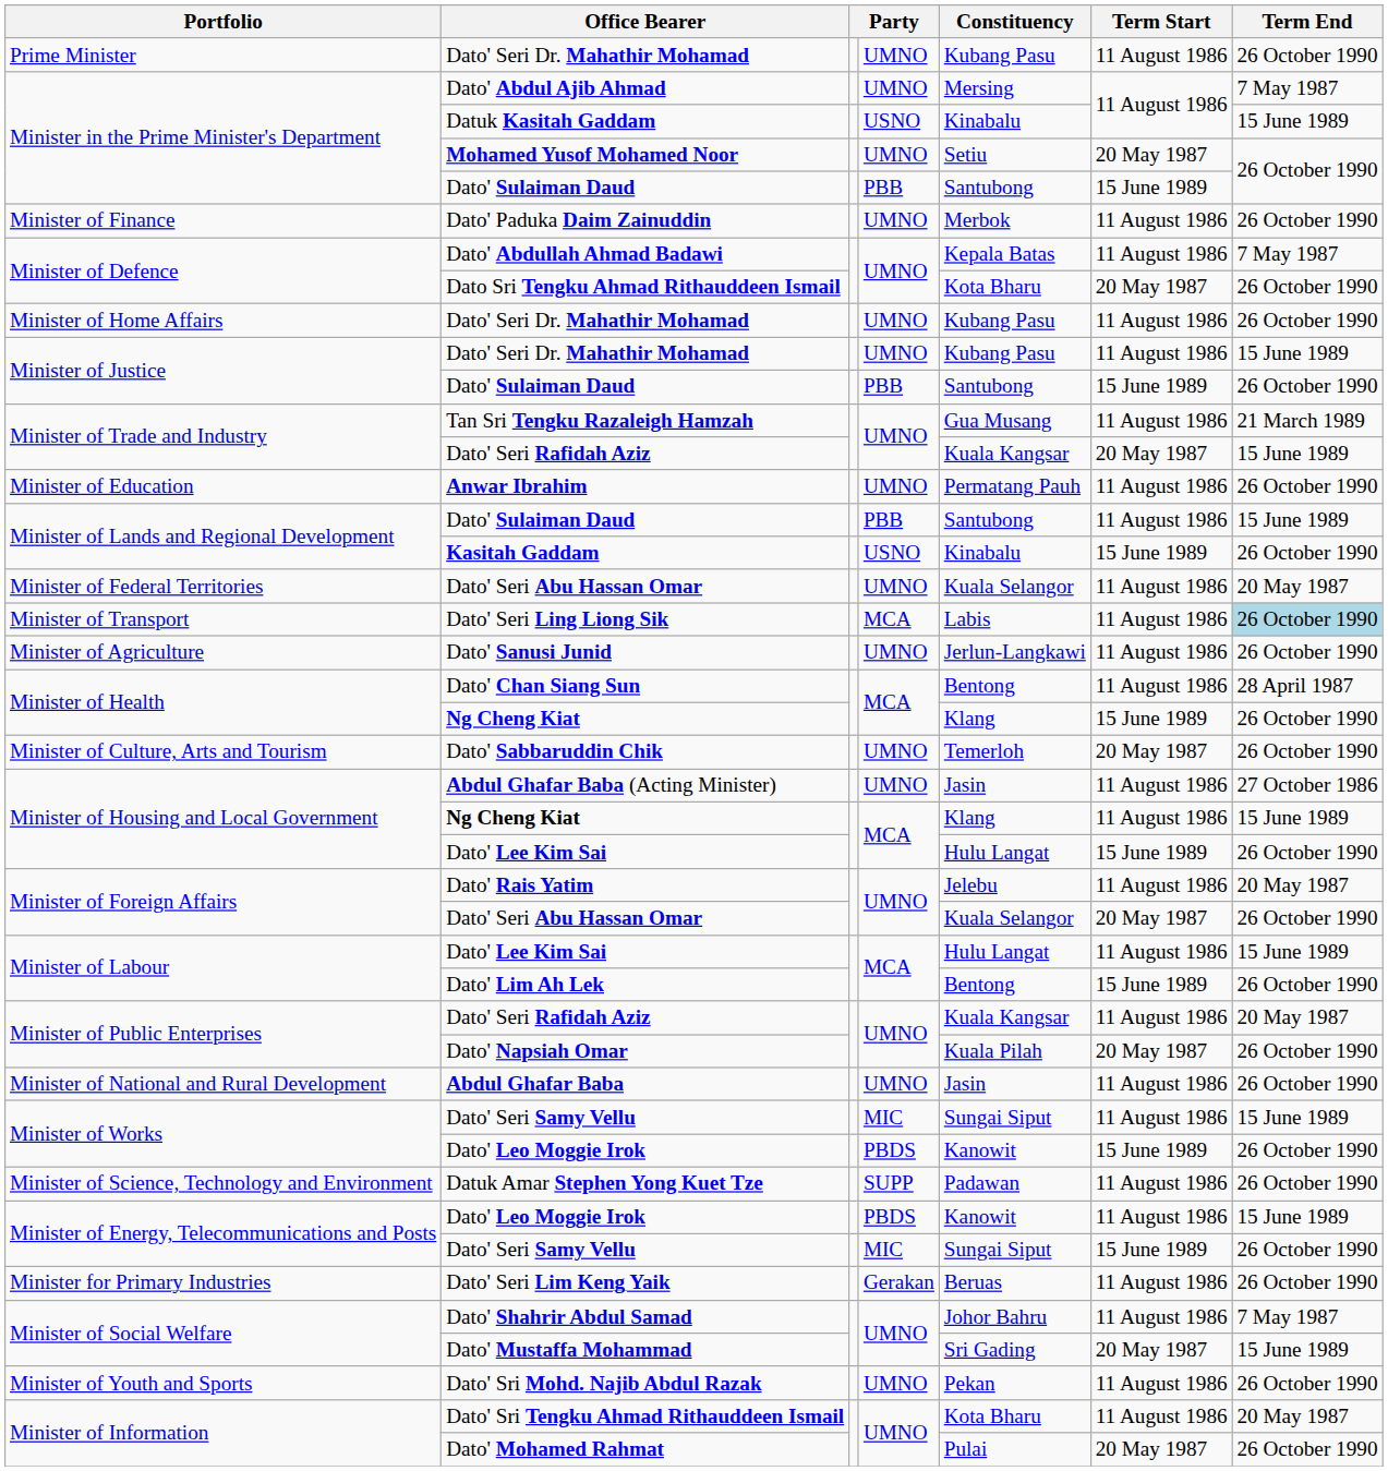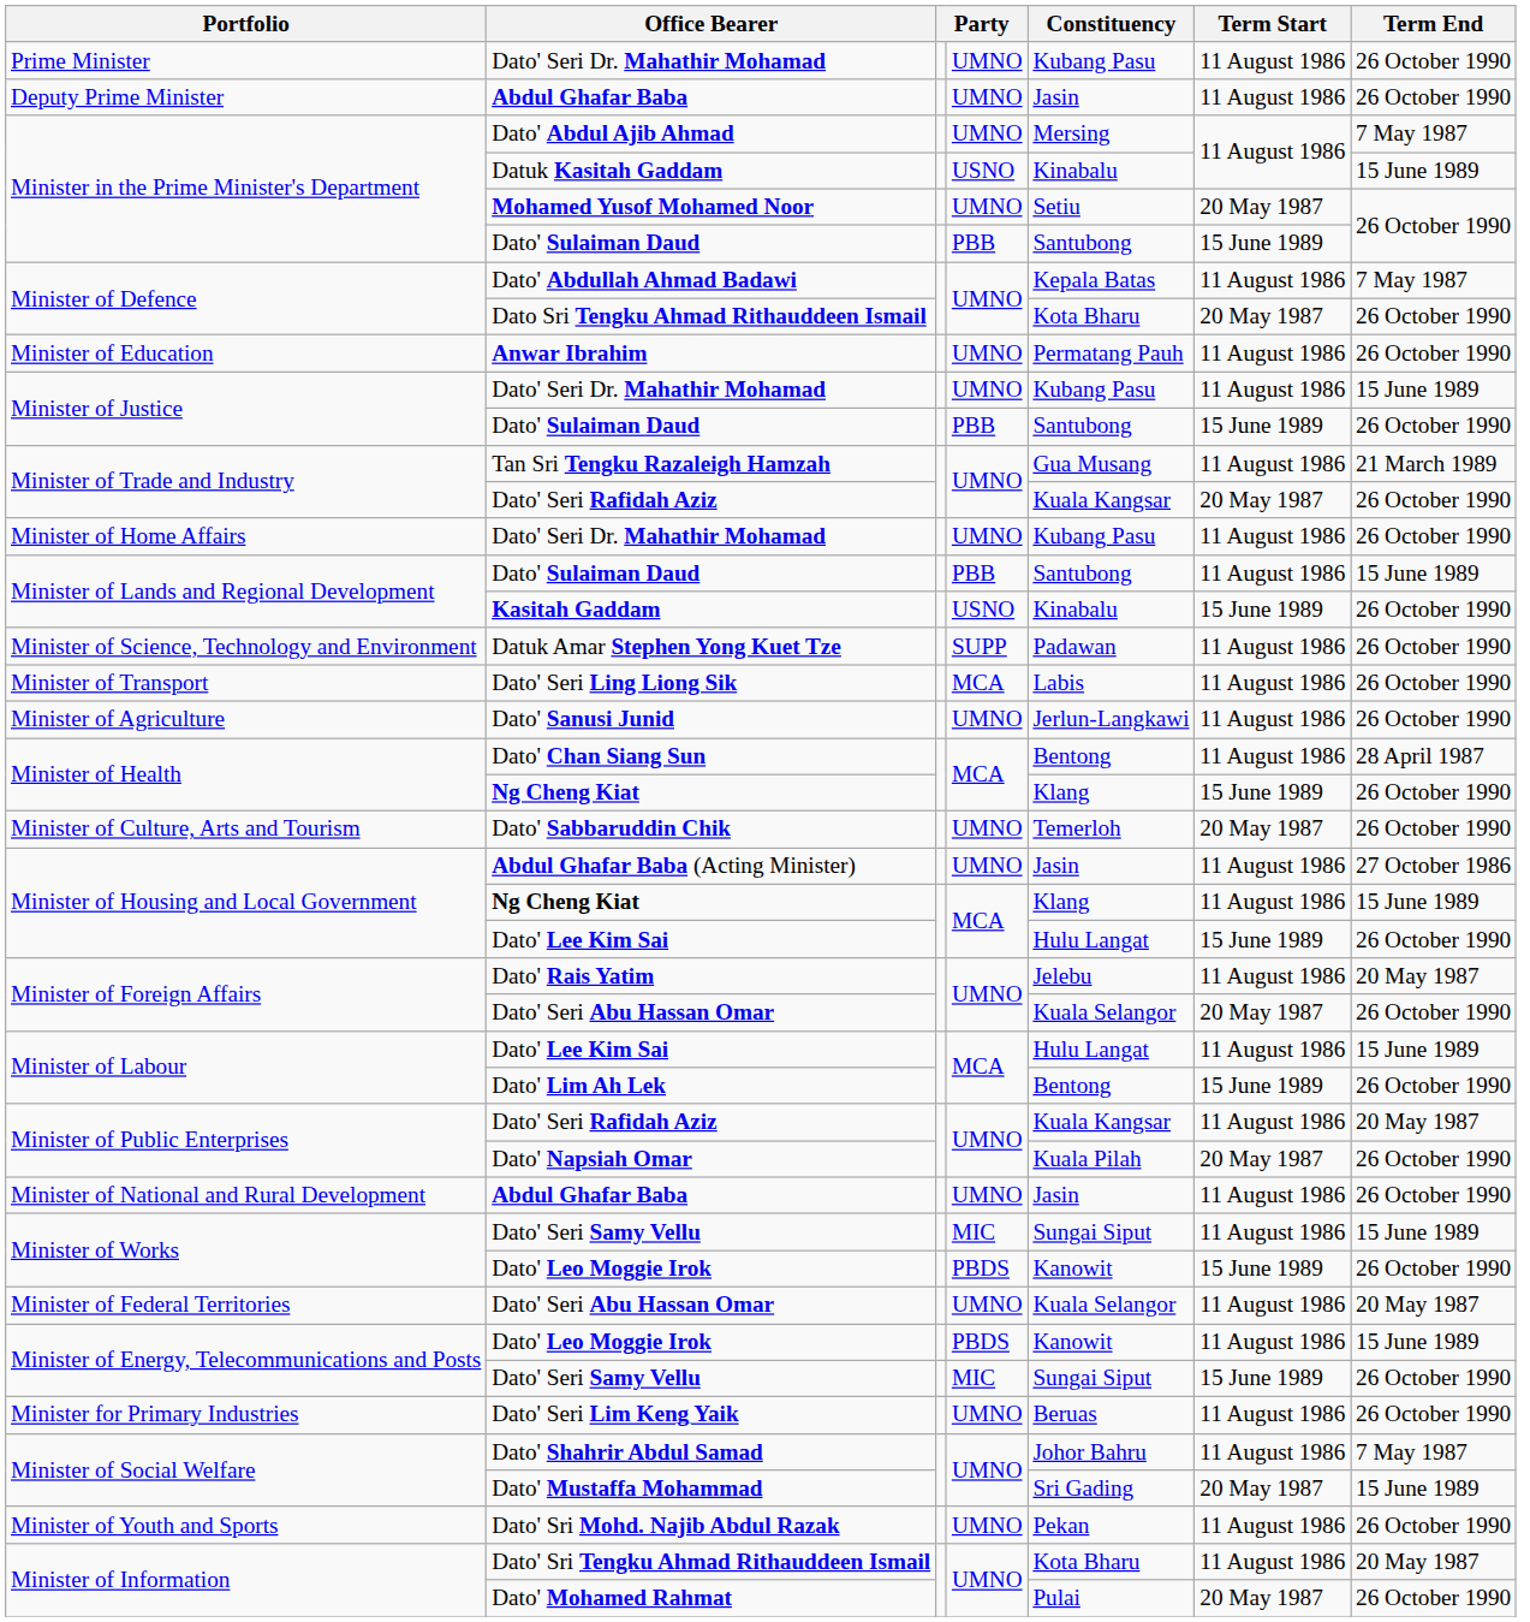 <table class="sortable wikitable">
 <tr>
 <th>Portfolio</th>
 <th>Office Bearer</th>
 <th colspan=2>Party</th>
 <th>Constituency</th>
 <th>Term Start</th>
 <th>Term End</th>
 </tr>
 <tr>
 <td><a href='#'>Prime Minister</a></td>
 <td>Dato' Seri Dr. <strong><a href='#'>Mahathir Mohamad</a></strong> </td>
 <td></td>
 <td><a href='#'>UMNO</a></td>
 <td><a href='#'>Kubang Pasu</a></td>
+<td>11 August 1986</td>
+<td>26 October 1990</td>
+</tr>
+<tr>
+<td><a href='#'>Deputy Prime Minister</a></td>
+<td><strong><a href='#'>Abdul Ghafar Baba</a></strong> </td>
+<td></td>
+<td><a href='#'>UMNO</a></td>
+<td><a href='#'>Jasin</a></td>
 <td>11 August 1986</td>
 <td>26 October 1990</td>
 </tr>
 <tr>
 <td rowspan="4"><a href='#'>Minister in the Prime Minister's Department</a></td>
 <td>Dato' <strong><a href='#'>Abdul Ajib Ahmad</a></strong> </td>
 <td></td>
 <td><a href='#'>UMNO</a></td>
 <td><a href='#'>Mersing</a></td>
 <td rowspan=2>11 August 1986</td>
 <td>7 May 1987</td>
 </tr>
 <tr>
 <td>Datuk <strong><a href='#'>Kasitah Gaddam</a></strong> </td>
 <td></td>
 <td><a href='#'>USNO</a></td>
 <td><a href='#'>Kinabalu</a></td>
 <td>15 June 1989</td>
 </tr>
 <tr>
 <td><strong><a href='#'>Mohamed Yusof Mohamed Noor</a></strong> </td>
 <td></td>
 <td><a href='#'>UMNO</a></td>
 <td><a href='#'>Setiu</a></td>
 <td>20 May 1987</td>
 <td rowspan=2>26 October 1990</td>
 </tr>
 <tr>
 <td>Dato' <strong><a href='#'>Sulaiman Daud</a></strong> </td>
 <td></td>
 <td><a href='#'>PBB</a></td>
 <td><a href='#'>Santubong</a></td>
 <td>15 June 1989</td>
 </tr>
 <tr>
-<td><a href='#'>Minister of Finance</a></td>
-<td>Dato' Paduka <strong><a href='#'>Daim Zainuddin</a></strong> </td>
-<td></td>
-<td><a href='#'>UMNO</a></td>
-<td><a href='#'>Merbok</a></td>
-<td>11 August 1986</td>
-<td>26 October 1990</td>
-</tr>
-<tr>
 <td rowspan=2><a href='#'>Minister of Defence</a></td>
 <td>Dato' <strong><a href='#'>Abdullah Ahmad Badawi</a></strong> </td>
 <td rowspan=2></td>
 <td rowspan=2><a href='#'>UMNO</a></td>
 <td><a href='#'>Kepala Batas</a></td>
 <td>11 August 1986</td>
 <td>7 May 1987</td>
 </tr>
 <tr>
 <td>Dato Sri <strong><a href='#'>Tengku Ahmad Rithauddeen Ismail</a></strong> </td>
 <td><a href='#'>Kota Bharu</a></td>
 <td>20 May 1987</td>
 <td>26 October 1990</td>
 </tr>
 <tr>
-<td><a href='#'>Minister of Home Affairs</a></td>
-<td>Dato' Seri Dr. <strong><a href='#'>Mahathir Mohamad</a></strong> </td>
+<td><a href='#'>Minister of Education</a></td>
+<td><strong><a href='#'>Anwar Ibrahim</a></strong> </td>
 <td></td>
 <td><a href='#'>UMNO</a></td>
-<td><a href='#'>Kubang Pasu</a></td>
+<td><a href='#'>Permatang Pauh</a></td>
 <td>11 August 1986</td>
 <td>26 October 1990</td>
 </tr>
 <tr>
 <td rowspan=2><a href='#'>Minister of Justice</a></td>
 <td>Dato' Seri Dr. <strong><a href='#'>Mahathir Mohamad</a></strong> </td>
 <td rowspan=1></td>
 <td><a href='#'>UMNO</a></td>
 <td><a href='#'>Kubang Pasu</a></td>
 <td>11 August 1986</td>
 <td>15 June 1989</td>
 </tr>
 <tr>
 <td>Dato' <strong><a href='#'>Sulaiman Daud</a></strong> </td>
 <td></td>
 <td><a href='#'>PBB</a></td>
 <td><a href='#'>Santubong</a></td>
 <td>15 June 1989</td>
 <td>26 October 1990</td>
 </tr>
 <tr>
 <td rowspan=2><a href='#'>Minister of Trade and Industry</a></td>
 <td>Tan Sri <strong><a href='#'>Tengku Razaleigh Hamzah</a></strong> </td>
 <td rowspan=2></td>
 <td rowspan=2><a href='#'>UMNO</a></td>
 <td><a href='#'>Gua Musang</a></td>
 <td>11 August 1986</td>
 <td>21 March 1989</td>
 </tr>
 <tr>
 <td>Dato' Seri <strong><a href='#'>Rafidah Aziz</a></strong> </td>
 <td><a href='#'>Kuala Kangsar</a></td>
 <td>20 May 1987</td>
-<td>15 June 1989</td>
+<td>26 October 1990</td>
 </tr>
 <tr>
-<td><a href='#'>Minister of Education</a></td>
-<td><strong><a href='#'>Anwar Ibrahim</a></strong> </td>
+<td><a href='#'>Minister of Home Affairs</a></td>
+<td>Dato' Seri Dr. <strong><a href='#'>Mahathir Mohamad</a></strong> </td>
 <td></td>
 <td><a href='#'>UMNO</a></td>
-<td><a href='#'>Permatang Pauh</a></td>
+<td><a href='#'>Kubang Pasu</a></td>
 <td>11 August 1986</td>
 <td>26 October 1990</td>
 </tr>
 <tr>
 <td rowspan=2><a href='#'>Minister of Lands and Regional Development</a></td>
 <td>Dato' <strong><a href='#'>Sulaiman Daud</a></strong> </td>
 <td></td>
 <td><a href='#'>PBB</a></td>
 <td><a href='#'>Santubong</a></td>
 <td>11 August 1986</td>
 <td>15 June 1989</td>
 </tr>
 <tr>
 <td><strong><a href='#'>Kasitah Gaddam</a></strong> </td>
 <td></td>
 <td><a href='#'>USNO</a></td>
 <td><a href='#'>Kinabalu</a></td>
 <td>15 June 1989</td>
 <td>26 October 1990</td>
 </tr>
 <tr>
-<td><a href='#'>Minister of Federal Territories</a></td>
-<td>Dato' Seri <strong><a href='#'>Abu Hassan Omar</a></strong> </td>
-<td></td>
-<td><a href='#'>UMNO</a></td>
-<td><a href='#'>Kuala Selangor</a></td>
+<td><a href='#'>Minister of Science, Technology and Environment</a></td>
+<td>Datuk Amar <strong><a href='#'>Stephen Yong Kuet Tze</a></strong> </td>
+<td rowspan=1></td>
+<td><a href='#'>SUPP</a></td>
+<td><a href='#'>Padawan</a></td>
 <td>11 August 1986</td>
-<td>20 May 1987</td>
+<td>26 October 1990</td>
 </tr>
 <tr>
 <td><a href='#'>Minister of Transport</a></td>
 <td>Dato' Seri <strong><a href='#'>Ling Liong Sik</a></strong> </td>
 <td></td>
 <td><a href='#'>MCA</a></td>
 <td><a href='#'>Labis</a></td>
 <td>11 August 1986</td>
-<td style="background: lightblue;">26 October 1990</td>
+<td>26 October 1990</td>
 </tr>
 <tr>
 <td><a href='#'>Minister of Agriculture</a></td>
 <td>Dato' <strong><a href='#'>Sanusi Junid</a></strong> </td>
 <td></td>
 <td><a href='#'>UMNO</a></td>
 <td><a href='#'>Jerlun-Langkawi</a></td>
 <td>11 August 1986</td>
 <td>26 October 1990</td>
 </tr>
 <tr>
 <td rowspan=2><a href='#'>Minister of Health</a></td>
 <td>Dato' <strong><a href='#'>Chan Siang Sun</a></strong> </td>
 <td rowspan=2></td>
 <td rowspan=2><a href='#'>MCA</a></td>
 <td><a href='#'>Bentong</a></td>
 <td>11 August 1986</td>
 <td>28 April 1987</td>
 </tr>
 <tr>
 <td><strong><a href='#'>Ng Cheng Kiat</a></strong> </td>
 <td><a href='#'>Klang</a></td>
 <td>15 June 1989</td>
 <td>26 October 1990</td>
 </tr>
 <tr>
 <td><a href='#'>Minister of Culture, Arts and Tourism</a></td>
 <td>Dato' <strong><a href='#'>Sabbaruddin Chik</a></strong> </td>
 <td></td>
 <td><a href='#'>UMNO</a></td>
 <td><a href='#'>Temerloh</a></td>
 <td>20 May 1987</td>
 <td>26 October 1990</td>
 </tr>
 <tr>
 <td rowspan=3><a href='#'>Minister of Housing and Local Government</a></td>
 <td><strong><a href='#'>Abdul Ghafar Baba</a></strong>  (Acting Minister)</td>
 <td></td>
 <td><a href='#'>UMNO</a></td>
 <td><a href='#'>Jasin</a></td>
 <td>11 August 1986</td>
 <td>27 October 1986</td>
 </tr>
 <tr>
 <td><strong>Ng Cheng Kiat</strong> </td>
 <td rowspan=2></td>
 <td rowspan=2><a href='#'>MCA</a></td>
 <td><a href='#'>Klang</a></td>
 <td>11 August 1986</td>
 <td>15 June 1989</td>
 </tr>
 <tr>
 <td>Dato' <strong><a href='#'>Lee Kim Sai</a></strong> </td>
 <td><a href='#'>Hulu Langat</a></td>
 <td>15 June 1989</td>
 <td>26 October 1990</td>
 </tr>
 <tr>
 <td rowspan=2><a href='#'>Minister of Foreign Affairs</a></td>
 <td>Dato' <strong><a href='#'>Rais Yatim</a></strong> </td>
 <td rowspan=2></td>
 <td rowspan=2><a href='#'>UMNO</a></td>
 <td><a href='#'>Jelebu</a></td>
 <td>11 August 1986</td>
 <td>20 May 1987</td>
 </tr>
 <tr>
 <td>Dato' Seri <strong><a href='#'>Abu Hassan Omar</a></strong> </td>
 <td><a href='#'>Kuala Selangor</a></td>
 <td>20 May 1987</td>
 <td>26 October 1990</td>
 </tr>
 <tr>
 <td rowspan=2><a href='#'>Minister of Labour</a></td>
 <td>Dato' <strong><a href='#'>Lee Kim Sai</a></strong> </td>
 <td rowspan=2></td>
 <td rowspan=2><a href='#'>MCA</a></td>
 <td><a href='#'>Hulu Langat</a></td>
 <td>11 August 1986</td>
 <td>15 June 1989</td>
 </tr>
 <tr>
 <td>Dato' <strong><a href='#'>Lim Ah Lek</a></strong> </td>
 <td><a href='#'>Bentong</a></td>
 <td>15 June 1989</td>
 <td>26 October 1990</td>
 </tr>
 <tr>
 <td rowspan=2><a href='#'>Minister of Public Enterprises</a></td>
 <td>Dato' Seri <strong><a href='#'>Rafidah Aziz</a></strong> </td>
 <td rowspan=2></td>
 <td rowspan=2><a href='#'>UMNO</a></td>
 <td><a href='#'>Kuala Kangsar</a></td>
 <td>11 August 1986</td>
 <td>20 May 1987</td>
 </tr>
 <tr>
 <td>Dato' <strong><a href='#'>Napsiah Omar</a></strong> </td>
 <td><a href='#'>Kuala Pilah</a></td>
 <td>20 May 1987</td>
 <td>26 October 1990</td>
 </tr>
 <tr>
 <td><a href='#'>Minister of National and Rural Development</a></td>
 <td><strong><a href='#'>Abdul Ghafar Baba</a></strong> </td>
 <td rowspan=1></td>
 <td><a href='#'>UMNO</a></td>
 <td><a href='#'>Jasin</a></td>
 <td>11 August 1986</td>
 <td>26 October 1990</td>
 </tr>
 <tr>
 <td rowspan=2><a href='#'>Minister of Works</a></td>
 <td>Dato' Seri <strong><a href='#'>Samy Vellu</a></strong> </td>
 <td rowspan=1></td>
 <td><a href='#'>MIC</a></td>
 <td><a href='#'>Sungai Siput</a></td>
 <td>11 August 1986</td>
 <td>15 June 1989</td>
 </tr>
 <tr>
 <td>Dato' <strong><a href='#'>Leo Moggie Irok</a></strong> </td>
 <td rowspan=1></td>
 <td><a href='#'>PBDS</a></td>
 <td><a href='#'>Kanowit</a></td>
 <td>15 June 1989</td>
 <td>26 October 1990</td>
 </tr>
 <tr>
-<td><a href='#'>Minister of Science, Technology and Environment</a></td>
-<td>Datuk Amar <strong><a href='#'>Stephen Yong Kuet Tze</a></strong> </td>
-<td rowspan=1></td>
-<td><a href='#'>SUPP</a></td>
-<td><a href='#'>Padawan</a></td>
+<td><a href='#'>Minister of Federal Territories</a></td>
+<td>Dato' Seri <strong><a href='#'>Abu Hassan Omar</a></strong> </td>
+<td></td>
+<td><a href='#'>UMNO</a></td>
+<td><a href='#'>Kuala Selangor</a></td>
 <td>11 August 1986</td>
-<td>26 October 1990</td>
+<td>20 May 1987</td>
 </tr>
 <tr>
 <td rowspan=2><a href='#'>Minister of Energy, Telecommunications and Posts</a></td>
 <td>Dato' <strong><a href='#'>Leo Moggie Irok</a></strong> </td>
 <td></td>
 <td><a href='#'>PBDS</a></td>
 <td><a href='#'>Kanowit</a></td>
 <td>11 August 1986</td>
 <td>15 June 1989</td>
 </tr>
 <tr>
 <td>Dato' Seri <strong><a href='#'>Samy Vellu</a></strong> </td>
 <td rowspan=1></td>
 <td><a href='#'>MIC</a></td>
 <td><a href='#'>Sungai Siput</a></td>
 <td>15 June 1989</td>
 <td>26 October 1990</td>
 </tr>
 <tr>
 <td><a href='#'>Minister for Primary Industries</a></td>
 <td>Dato' Seri <strong><a href='#'>Lim Keng Yaik</a></strong> </td>
 <td rowspan=1></td>
-<td><a href='#'>Gerakan</a></td>
+<td><a href='#'>UMNO</a></td>
 <td><a href='#'>Beruas</a></td>
 <td>11 August 1986</td>
 <td>26 October 1990</td>
 </tr>
 <tr>
 <td rowspan=2><a href='#'>Minister of Social Welfare</a></td>
 <td>Dato' <strong><a href='#'>Shahrir Abdul Samad</a></strong> </td>
 <td rowspan=2></td>
 <td rowspan=2><a href='#'>UMNO</a></td>
 <td><a href='#'>Johor Bahru</a></td>
 <td>11 August 1986</td>
 <td>7 May 1987</td>
 </tr>
 <tr>
 <td>Dato' <strong><a href='#'>Mustaffa Mohammad</a></strong> </td>
 <td><a href='#'>Sri Gading</a></td>
 <td>20 May 1987</td>
 <td>15 June 1989</td>
 </tr>
 <tr>
 <td><a href='#'>Minister of Youth and Sports</a></td>
 <td>Dato' Sri <strong><a href='#'>Mohd. Najib Abdul Razak</a></strong> </td>
 <td rowspan=1></td>
 <td><a href='#'>UMNO</a></td>
 <td><a href='#'>Pekan</a></td>
 <td>11 August 1986</td>
 <td>26 October 1990</td>
 </tr>
 <tr>
 <td rowspan=2><a href='#'>Minister of Information</a></td>
 <td>Dato' Sri <strong><a href='#'>Tengku Ahmad Rithauddeen Ismail</a></strong> </td>
 <td rowspan=2></td>
 <td rowspan=2><a href='#'>UMNO</a></td>
 <td><a href='#'>Kota Bharu</a></td>
 <td>11 August 1986</td>
 <td>20 May 1987</td>
 </tr>
 <tr>
 <td>Dato' <strong><a href='#'>Mohamed Rahmat</a></strong> </td>
 <td><a href='#'>Pulai</a></td>
 <td>20 May 1987</td>
 <td>26 October 1990</td>
 </tr>
 </table>
